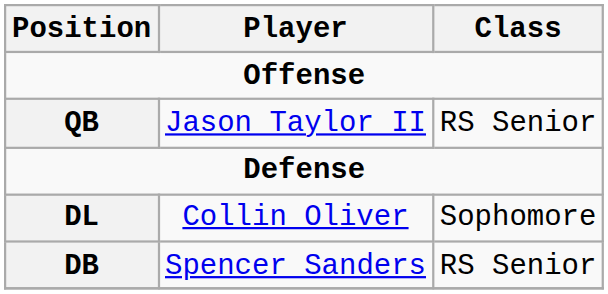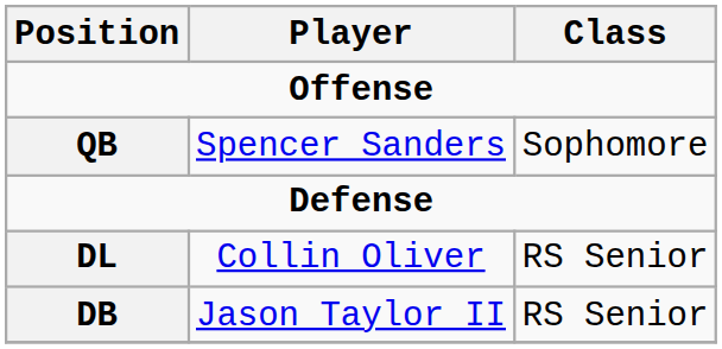 <table class="wikitable">
 <tr>
 <th>Position</th>
 <th>Player</th>
 <th>Class</th>
 </tr>
 <tr>
 <td colspan="4" style="text-align:center; "><strong>Offense</strong></td>
 </tr>
 <tr style="text-align:center;">
 <th rowspan="1">QB</th>
-<td><a href='#'>Jason Taylor II</a></td>
-<td>RS Senior</td>
+<td><a href='#'>Spencer Sanders</a></td>
+<td>Sophomore</td>
 </tr>
 <tr>
 <td colspan="4" style="text-align:center; "><strong>Defense</strong></td>
 </tr>
 <tr style="text-align:center;">
 <th rowspan="1">DL</th>
 <td><a href='#'>Collin Oliver</a></td>
-<td>Sophomore</td>
+<td>RS Senior</td>
 </tr>
 <tr style="text-align:center;">
 <th rowspan="1">DB</th>
-<td><a href='#'>Spencer Sanders</a></td>
+<td><a href='#'>Jason Taylor II</a></td>
 <td>RS Senior</td>
 </tr>
 <tr>
 </tr>
 </table>
